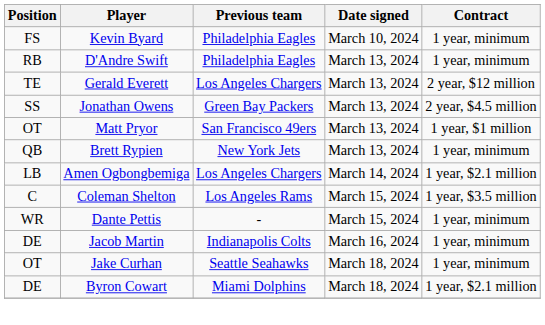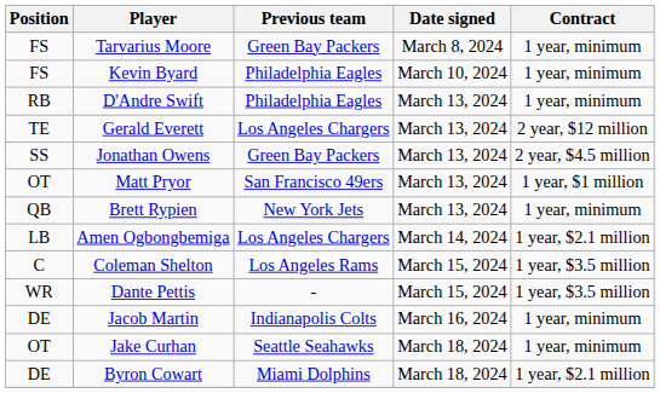 <table class="wikitable sortable" style="text-align:center">
 <tr>
 <th>Position</th>
 <th>Player</th>
 <th>Previous team</th>
 <th>Date signed</th>
 <th>Contract</th>
+</tr>
+<tr>
+<td>FS</td>
+<td><a href='#'>Tarvarius Moore</a></td>
+<td><a href='#'>Green Bay Packers</a></td>
+<td>March 8, 2024</td>
+<td>1 year, minimum</td>
 </tr>
 <tr>
 <td>FS</td>
 <td><a href='#'>Kevin Byard</a></td>
 <td><a href='#'>Philadelphia Eagles</a></td>
 <td>March 10, 2024</td>
 <td>1 year, minimum</td>
 </tr>
 <tr>
 <td>RB</td>
 <td><a href='#'>D'Andre Swift</a></td>
 <td><a href='#'>Philadelphia Eagles</a></td>
 <td>March 13, 2024</td>
 <td>1 year, minimum</td>
 </tr>
 <tr>
 <td>TE</td>
 <td><a href='#'>Gerald Everett</a></td>
 <td><a href='#'>Los Angeles Chargers</a></td>
 <td>March 13, 2024</td>
 <td>2 year, $12 million</td>
 </tr>
 <tr>
 <td>SS</td>
 <td><a href='#'>Jonathan Owens</a></td>
 <td><a href='#'>Green Bay Packers</a></td>
 <td>March 13, 2024</td>
 <td>2 year, $4.5 million</td>
 </tr>
 <tr>
 <td>OT</td>
 <td><a href='#'>Matt Pryor</a></td>
 <td><a href='#'>San Francisco 49ers</a></td>
 <td>March 13, 2024</td>
 <td>1 year, $1 million</td>
 </tr>
 <tr>
 <td>QB</td>
 <td><a href='#'>Brett Rypien</a></td>
 <td><a href='#'>New York Jets</a></td>
 <td>March 13, 2024</td>
 <td>1 year, minimum</td>
 </tr>
 <tr>
 <td>LB</td>
 <td><a href='#'>Amen Ogbongbemiga</a></td>
 <td><a href='#'>Los Angeles Chargers</a></td>
 <td>March 14, 2024</td>
 <td>1 year, $2.1 million</td>
 </tr>
 <tr>
 <td>C</td>
 <td><a href='#'>Coleman Shelton</a></td>
 <td><a href='#'>Los Angeles Rams</a></td>
 <td>March 15, 2024</td>
 <td>1 year, $3.5 million</td>
 </tr>
 <tr>
 <td>WR</td>
 <td><a href='#'>Dante Pettis</a></td>
 <td>-</td>
 <td>March 15, 2024</td>
-<td>1 year, minimum</td>
+<td>1 year, $3.5 million</td>
 </tr>
 <tr>
 <td>DE</td>
 <td><a href='#'>Jacob Martin</a></td>
 <td><a href='#'>Indianapolis Colts</a></td>
 <td>March 16, 2024</td>
 <td>1 year, minimum</td>
 </tr>
 <tr>
 <td>OT</td>
 <td><a href='#'>Jake Curhan</a></td>
 <td><a href='#'>Seattle Seahawks</a></td>
 <td>March 18, 2024</td>
 <td>1 year, minimum</td>
 </tr>
 <tr>
 <td>DE</td>
 <td><a href='#'>Byron Cowart</a></td>
 <td><a href='#'>Miami Dolphins</a></td>
 <td>March 18, 2024</td>
 <td>1 year, $2.1 million</td>
 </tr>
 <tr>
 </tr>
 </table>
